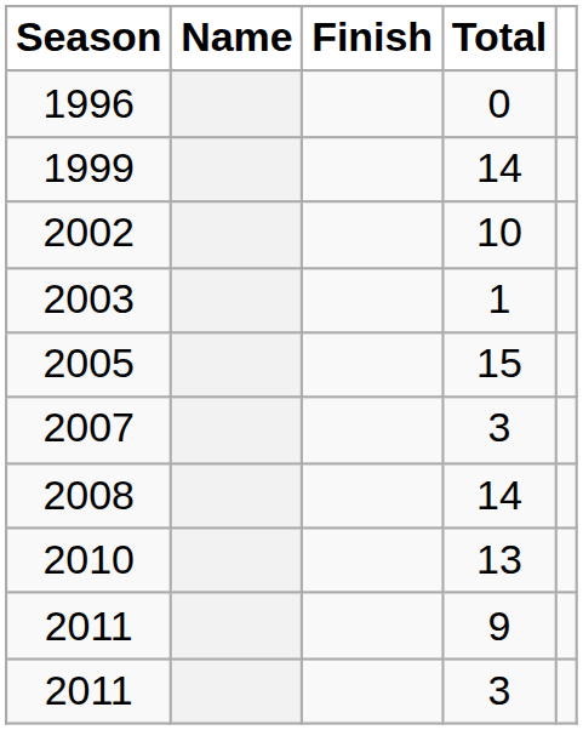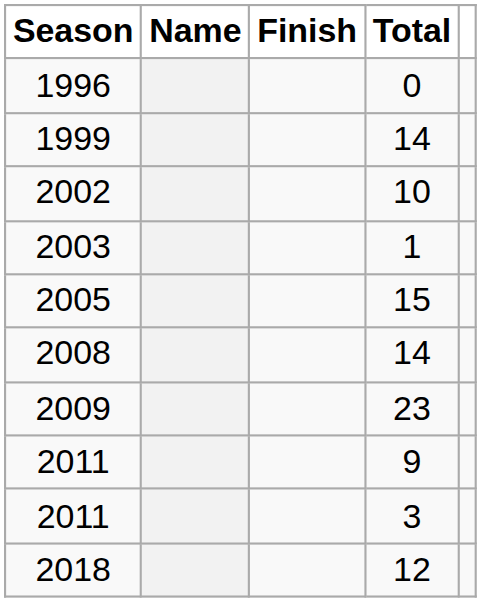 <table class="wikitable sortable plainrowheaders" style="text-align:center">
 <tr>
 <th scope="col" style="background-color:#ffffff; border-top:#">Season</th>
 <th scope="col" style="background-color:#ffffff; border-top:#">Name</th>
 <th scope="col" style="background-color:#ffffff; border-top:#">Finish</th>
 <th scope="col" style="background-color:#ffffff; border-top:#">Total</th>
 <th scope="col" class="unsortable" style="background-color:#ffffff; border-top:#"></th>
 </tr>
 <tr>
 <td>1996</td>
 <th scope="row" style="text-align:center"></th>
 <td></td>
 <td>0</td>
 <td></td>
 </tr>
 <tr>
 <td>1999</td>
 <th scope="row" style="text-align:center"></th>
 <td></td>
 <td>14</td>
 <td></td>
 </tr>
 <tr>
 <td>2002</td>
 <th scope="row" style="text-align:center"> </th>
 <td></td>
 <td>10</td>
 <td></td>
 </tr>
 <tr>
 <td>2003</td>
 <th scope="row" style="text-align:center"> </th>
 <td></td>
 <td>1</td>
 <td></td>
 </tr>
 <tr>
 <td>2005</td>
 <th scope="row" style="text-align:center"></th>
 <td></td>
 <td>15</td>
 <td></td>
 </tr>
 <tr>
-<td>2007</td>
-<th scope="row" style="text-align:center"> </th>
-<td></td>
-<td>3</td>
-<td></td>
-</tr>
-<tr>
 <td>2008</td>
 <th scope="row" style="text-align:center"></th>
 <td></td>
 <td>14</td>
 <td></td>
 </tr>
 <tr>
-<td>2010</td>
-<th scope="row" style="text-align:center"></th>
+<td>2009</td>
+<th scope="row" style="text-align:center"> </th>
 <td></td>
-<td>13</td>
+<td>23</td>
 <td></td>
 </tr>
 <tr>
 <td>2011</td>
 <th scope="row" style="text-align:center"> </th>
 <td></td>
 <td>9</td>
 <td></td>
 </tr>
 <tr>
 <td>2011</td>
 <th scope="row" style="text-align:center"></th>
 <td></td>
 <td>3</td>
 <td></td>
 </tr>
+<tr>
+<td>2018</td>
+<th scope="row" style="text-align:center"></th>
+<td></td>
+<td>12</td>
+<td></td>
+</tr>
 </table>
